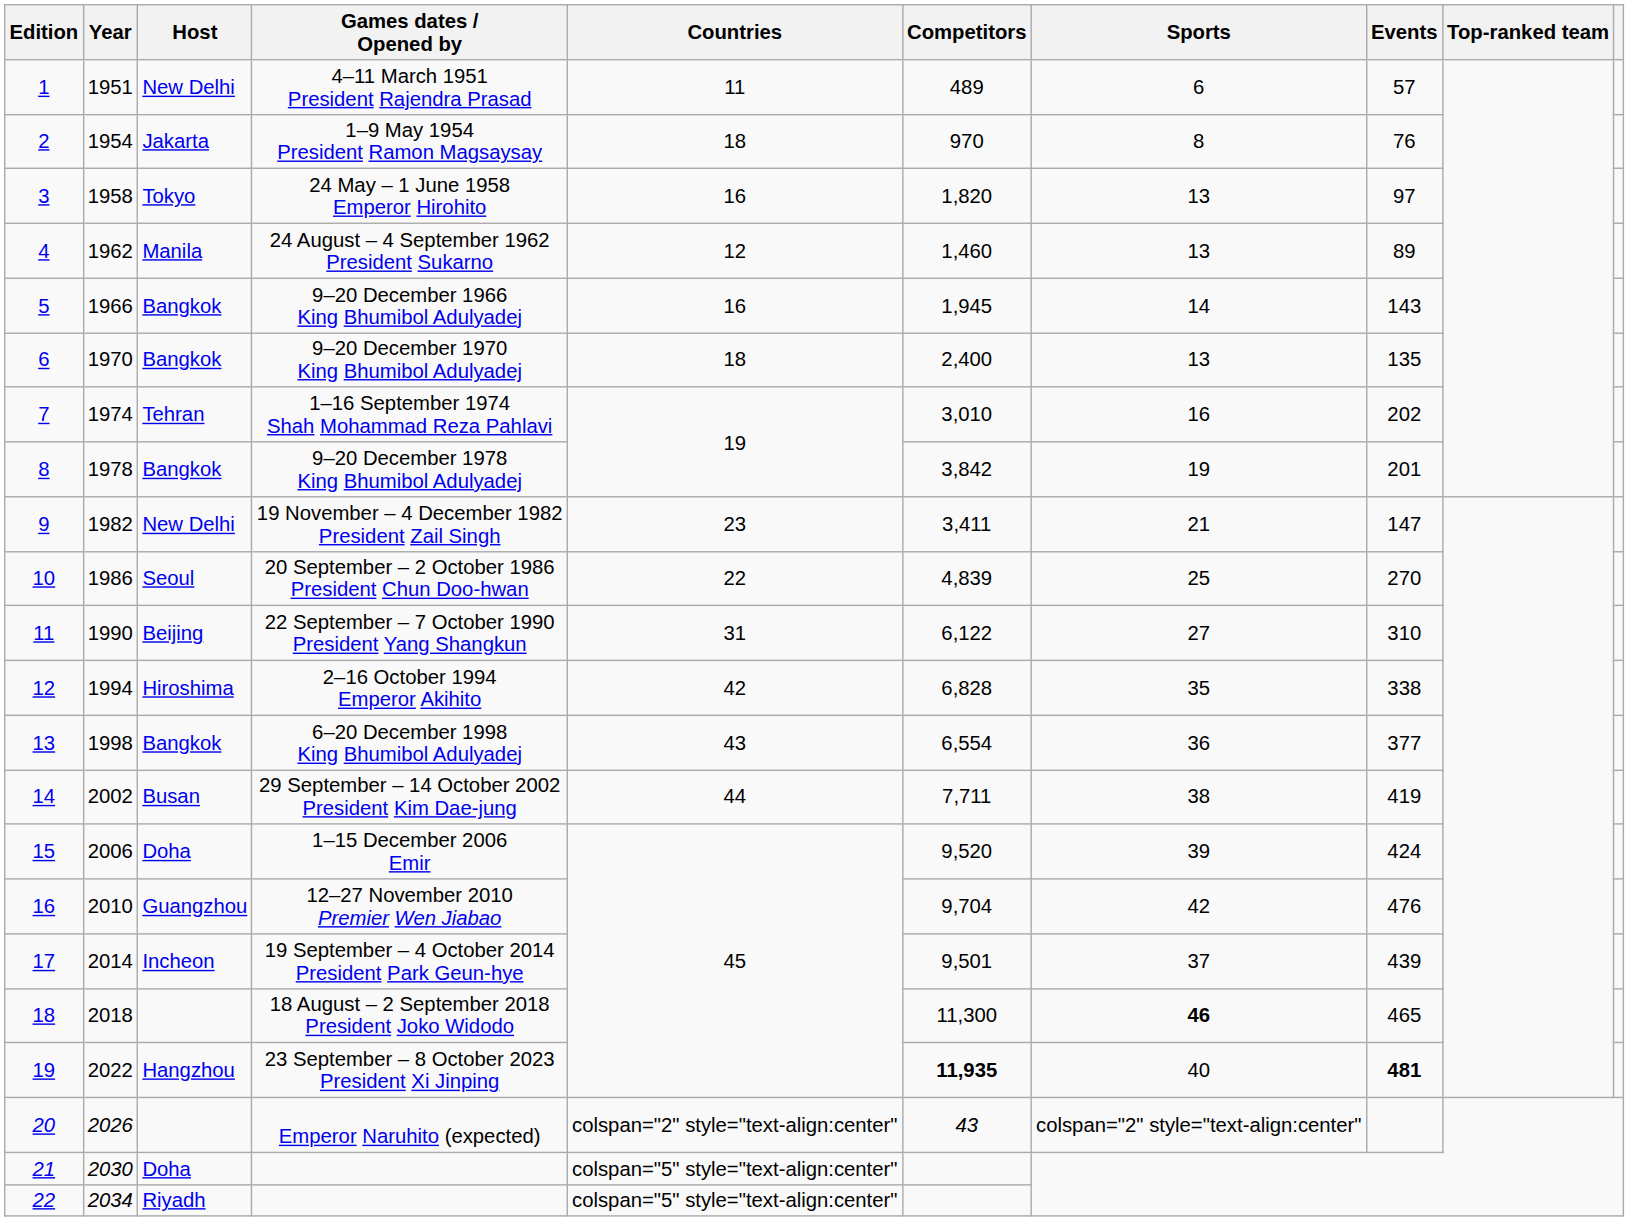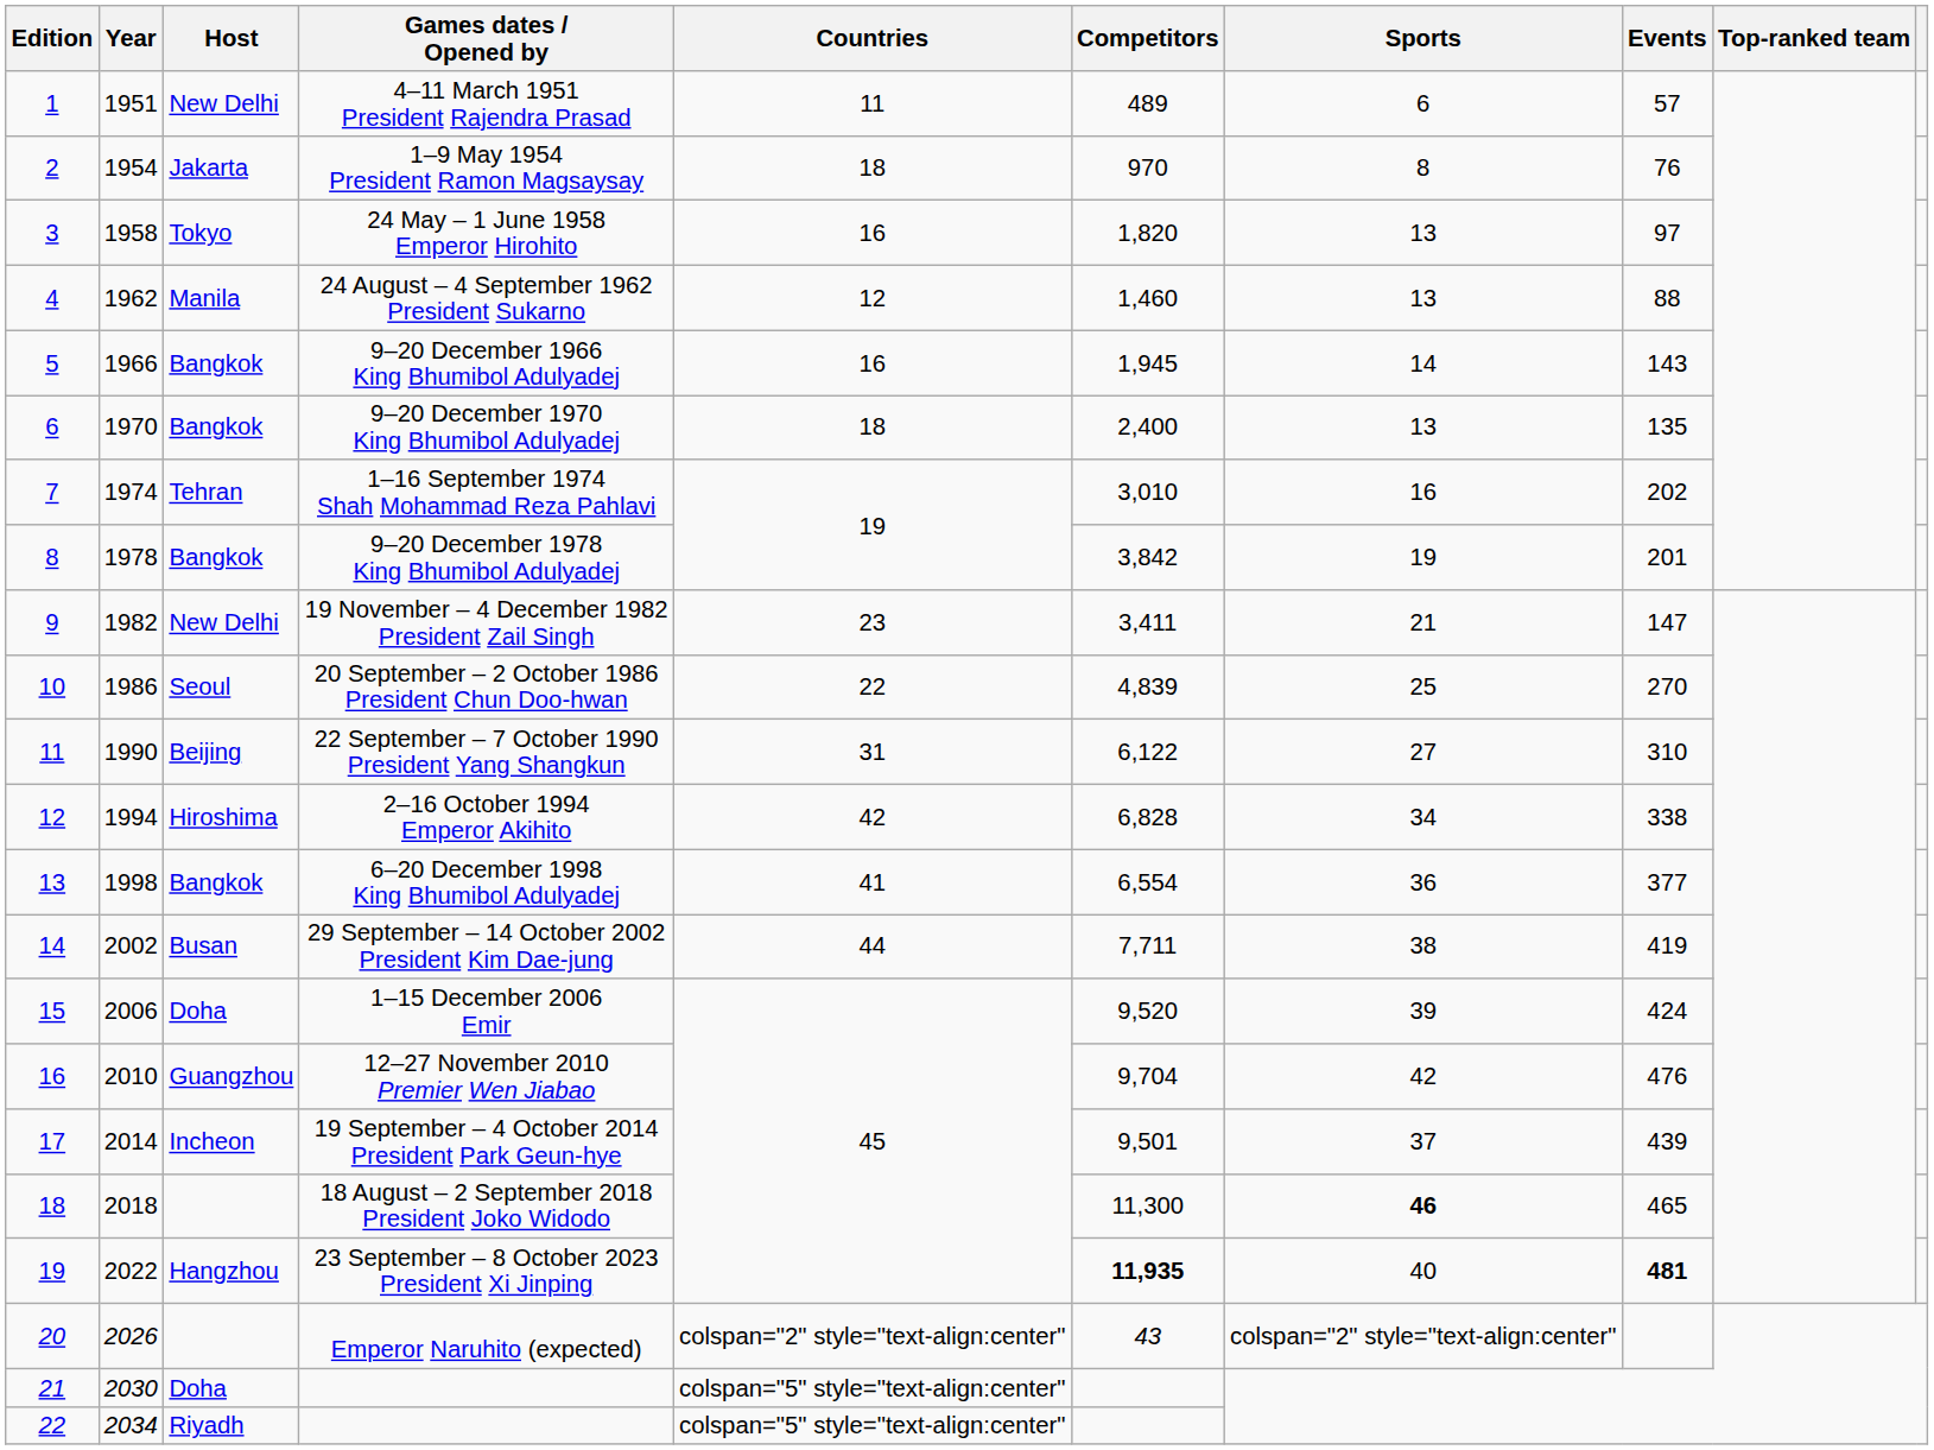 <table class="wikitable" style="text-align:center; font-size:90%;">
 <tr>
 <th>Edition</th>
 <th>Year</th>
 <th>Host</th>
 <th>Games dates /<br>Opened by</th>
 <th>Countries</th>
 <th>Competitors</th>
 <th>Sports</th>
 <th>Events</th>
 <th>Top-ranked team</th>
 <th></th>
 </tr>
 <tr>
 <td><a href='#'>1</a></td>
 <td>1951</td>
 <td align=left> <a href='#'>New Delhi</a></td>
 <td>4–11 March 1951<br><a href='#'>President</a> <a href='#'>Rajendra Prasad</a></td>
 <td>11</td>
 <td>489</td>
 <td>6</td>
 <td>57</td>
 <td rowspan="8" align=left></td>
 <td></td>
 </tr>
 <tr>
 <td><a href='#'>2</a></td>
 <td>1954</td>
 <td align=left> <a href='#'>Jakarta</a></td>
 <td>1–9 May 1954<br><a href='#'>President</a> <a href='#'>Ramon Magsaysay</a></td>
 <td>18</td>
 <td>970</td>
 <td>8</td>
 <td>76</td>
 <td></td>
 </tr>
 <tr>
 <td><a href='#'>3</a></td>
 <td>1958</td>
 <td align=left> <a href='#'>Tokyo</a></td>
 <td>24 May – 1 June 1958<br><a href='#'>Emperor</a> <a href='#'>Hirohito</a></td>
 <td>16</td>
 <td>1,820</td>
 <td>13</td>
 <td>97</td>
 <td></td>
 </tr>
 <tr>
 <td><a href='#'>4</a></td>
 <td>1962</td>
 <td align=left> <a href='#'>Manila</a></td>
 <td>24 August – 4 September 1962<br><a href='#'>President</a> <a href='#'>Sukarno</a></td>
 <td>12</td>
 <td>1,460</td>
 <td>13</td>
-<td>89</td>
+<td>88</td>
 <td></td>
 </tr>
 <tr>
 <td><a href='#'>5</a></td>
 <td>1966</td>
 <td align=left> <a href='#'>Bangkok</a></td>
 <td>9–20 December 1966<br><a href='#'>King</a> <a href='#'>Bhumibol Adulyadej</a></td>
 <td>16</td>
 <td>1,945</td>
 <td>14</td>
 <td>143</td>
 <td></td>
 </tr>
 <tr>
 <td><a href='#'>6</a></td>
 <td>1970</td>
 <td align=left> <a href='#'>Bangkok</a></td>
 <td>9–20 December 1970<br><a href='#'>King</a> <a href='#'>Bhumibol Adulyadej</a></td>
 <td>18</td>
 <td>2,400</td>
 <td>13</td>
 <td>135</td>
 <td></td>
 </tr>
 <tr>
 <td><a href='#'>7</a></td>
 <td>1974</td>
 <td align=left> <a href='#'>Tehran</a></td>
 <td>1–16 September 1974<br><a href='#'>Shah</a> <a href='#'>Mohammad Reza Pahlavi</a></td>
 <td rowspan=2>19</td>
 <td>3,010</td>
 <td>16</td>
 <td>202</td>
 <td></td>
 </tr>
 <tr>
 <td><a href='#'>8</a></td>
 <td>1978</td>
 <td align=left> <a href='#'>Bangkok</a></td>
 <td>9–20 December 1978<br><a href='#'>King</a> <a href='#'>Bhumibol Adulyadej</a></td>
 <td>3,842</td>
 <td>19</td>
 <td>201</td>
 <td></td>
 </tr>
 <tr>
 <td><a href='#'>9</a></td>
 <td>1982</td>
 <td align=left> <a href='#'>New Delhi</a></td>
 <td>19 November – 4 December 1982<br><a href='#'>President</a> <a href='#'>Zail Singh</a></td>
 <td>23</td>
 <td>3,411</td>
 <td>21</td>
 <td>147</td>
 <td rowspan="11" align=left></td>
 <td></td>
 </tr>
 <tr>
 <td><a href='#'>10</a></td>
 <td>1986</td>
 <td align=left> <a href='#'>Seoul</a></td>
 <td>20 September – 2 October 1986<br><a href='#'>President</a> <a href='#'>Chun Doo-hwan</a></td>
 <td>22</td>
 <td>4,839</td>
 <td>25</td>
 <td>270</td>
 <td></td>
 </tr>
 <tr>
 <td><a href='#'>11</a></td>
 <td>1990</td>
 <td align=left> <a href='#'>Beijing</a></td>
 <td>22 September – 7 October 1990<br><a href='#'>President</a> <a href='#'>Yang Shangkun</a></td>
 <td>31</td>
 <td>6,122</td>
 <td>27</td>
 <td>310</td>
 <td></td>
 </tr>
 <tr>
 <td><a href='#'>12</a></td>
 <td>1994</td>
 <td align=left> <a href='#'>Hiroshima</a></td>
 <td>2–16 October 1994<br><a href='#'>Emperor</a> <a href='#'>Akihito</a></td>
 <td>42</td>
 <td>6,828</td>
-<td>35</td>
+<td>34</td>
 <td>338</td>
 <td></td>
 </tr>
 <tr>
 <td><a href='#'>13</a></td>
 <td>1998</td>
 <td align=left> <a href='#'>Bangkok</a></td>
 <td>6–20 December 1998<br><a href='#'>King</a> <a href='#'>Bhumibol Adulyadej</a></td>
-<td>43</td>
+<td>41</td>
 <td>6,554</td>
 <td>36</td>
 <td>377</td>
 <td></td>
 </tr>
 <tr>
 <td><a href='#'>14</a></td>
 <td>2002</td>
 <td align=left> <a href='#'>Busan</a></td>
 <td>29 September – 14 October 2002<br><a href='#'>President</a> <a href='#'>Kim Dae-jung</a></td>
 <td>44</td>
 <td>7,711</td>
 <td>38</td>
 <td>419</td>
 <td></td>
 </tr>
 <tr>
 <td><a href='#'>15</a></td>
 <td>2006</td>
 <td align=left> <a href='#'>Doha</a></td>
 <td>1–15 December 2006<br><a href='#'>Emir</a> </td>
 <td rowspan=5>45</td>
 <td>9,520</td>
 <td>39</td>
 <td>424</td>
 <td></td>
 </tr>
 <tr>
 <td><a href='#'>16</a></td>
 <td>2010</td>
 <td align=left> <a href='#'>Guangzhou</a></td>
 <td>12–27 November 2010<br><em><a href='#'>Premier</a></em> <em><a href='#'>Wen Jiabao</a></em></td>
 <td>9,704</td>
 <td>42</td>
 <td>476</td>
 <td></td>
 </tr>
 <tr>
 <td><a href='#'>17</a></td>
 <td>2014</td>
 <td align=left> <a href='#'>Incheon</a></td>
 <td>19 September – 4 October 2014<br><a href='#'>President</a> <a href='#'>Park Geun-hye</a></td>
 <td>9,501</td>
 <td>37</td>
 <td>439</td>
 <td></td>
 </tr>
 <tr>
 <td><a href='#'>18</a></td>
 <td>2018</td>
 <td align=left> </td>
 <td>18 August – 2 September 2018<br><a href='#'>President</a> <a href='#'>Joko Widodo</a></td>
 <td>11,300</td>
 <td><strong>46</strong></td>
 <td>465</td>
 <td></td>
 </tr>
 <tr>
 <td><a href='#'>19</a></td>
 <td>2022</td>
 <td align=left> <a href='#'>Hangzhou</a></td>
 <td>23 September – 8 October 2023<br><a href='#'>President</a> <a href='#'>Xi Jinping</a></td>
 <td><strong>11,935</strong></td>
 <td>40</td>
 <td><strong>481</strong></td>
 <td></td>
 </tr>
 <tr>
 <td><em><a href='#'>20</a></em></td>
 <td><em>2026</em></td>
 <td align=left> </td>
 <td><br><a href='#'>Emperor</a> <a href='#'>Naruhito</a> (expected)</td>
 <td>colspan="2" style="text-align:center" </td>
 <td><em>43</em></td>
 <td>colspan="2" style="text-align:center" </td>
 <td></td>
 </tr>
 <tr>
 <td><em><a href='#'>21</a></em></td>
 <td><em>2030</em></td>
 <td align=left> <a href='#'>Doha</a></td>
 <td></td>
 <td>colspan="5" style="text-align:center" </td>
 <td></td>
 </tr>
 <tr>
 <td><em><a href='#'>22</a></em></td>
 <td><em>2034</em></td>
 <td align=left> <a href='#'>Riyadh</a></td>
 <td></td>
 <td>colspan="5" style="text-align:center" </td>
 <td></td>
 </tr>
 </table>
